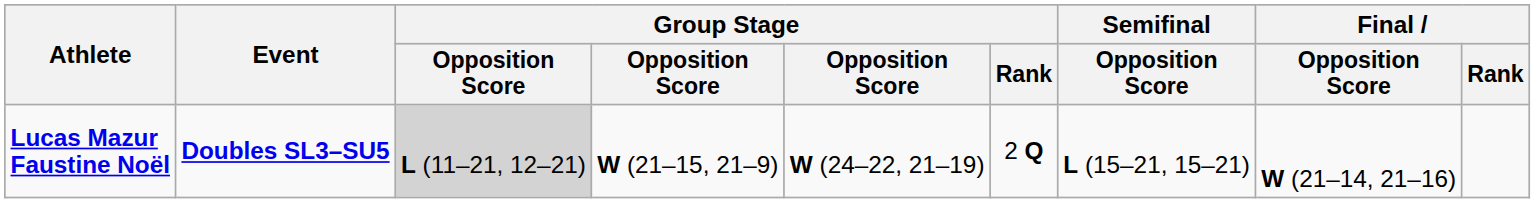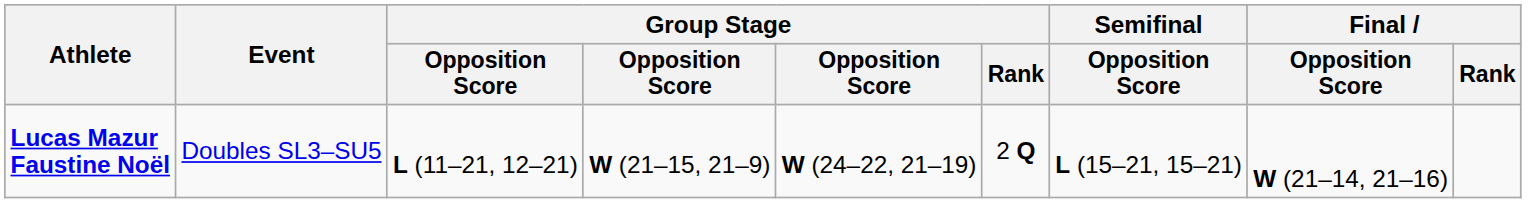 <table class="wikitable" style="font-size:90%; text-align:center">
 <tr>
 <th rowspan=2>Athlete</th>
 <th rowspan=2>Event</th>
 <th colspan=4>Group Stage</th>
 <th>Semifinal</th>
 <th colspan=2>Final / </th>
 </tr>
 <tr style="font-size:95%">
 <th>Opposition<br>Score</th>
 <th>Opposition<br>Score</th>
 <th>Opposition<br>Score</th>
 <th>Rank</th>
 <th>Opposition<br>Score</th>
 <th>Opposition<br>Score</th>
 <th>Rank</th>
 </tr>
 <tr>
 <td align=left><strong><a href='#'>Lucas Mazur</a><br><a href='#'>Faustine Noël</a></strong></td>
-<td align=left><strong><a href='#'>Doubles SL3–SU5</a></strong></td>
-<td style="background: lightgrey;"><br><strong>L</strong> (11–21, 12–21)</td>
+<td align=left><a href='#'>Doubles SL3–SU5</a></td>
+<td><br><strong>L</strong> (11–21, 12–21)</td>
 <td><br><strong>W</strong> (21–15, 21–9)</td>
 <td><br><strong>W</strong> (24–22, 21–19)</td>
 <td>2 <strong>Q</strong></td>
 <td><br><strong>L</strong> (15–21, 15–21)</td>
 <td><em></em><br><br><strong>W</strong> (21–14, 21–16)</td>
 <td></td>
 </tr>
 </table>
